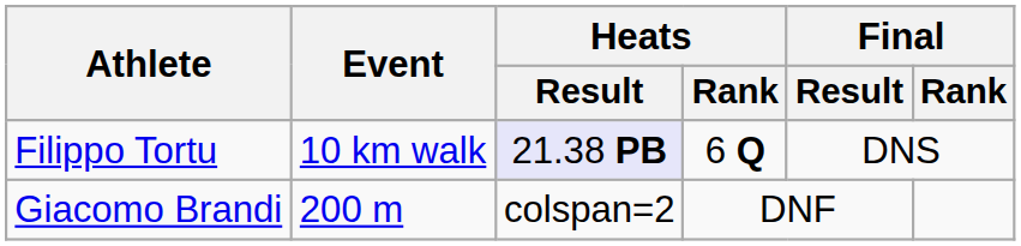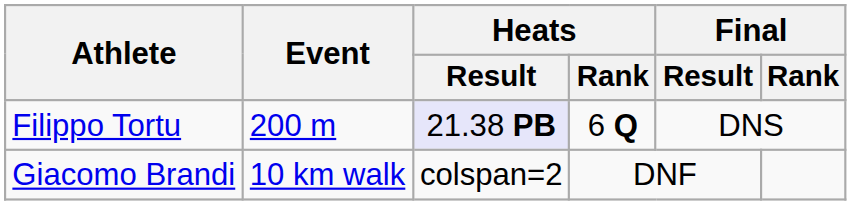 <table class="wikitable" style="font-size:90%">
 <tr>
 <th rowspan=2>Athlete</th>
 <th rowspan=2>Event</th>
 <th colspan=2>Heats</th>
 <th colspan=2>Final</th>
 </tr>
 <tr style="font-size:95%">
 <th>Result</th>
 <th>Rank</th>
 <th>Result</th>
 <th>Rank</th>
 </tr>
 <tr align=center>
 <td align=left><a href='#'>Filippo Tortu</a></td>
-<td align=left><a href='#'>10 km walk</a></td>
+<td align=left><a href='#'>200 m</a></td>
 <td style="background: lavender;">21.38 <strong>PB</strong></td>
 <td>6 <strong>Q</strong></td>
 <td colspan=2>DNS</td>
 </tr>
 <tr align=center>
 <td align=left><a href='#'>Giacomo Brandi</a></td>
-<td align=left><a href='#'>200 m</a></td>
+<td align=left><a href='#'>10 km walk</a></td>
 <td>colspan=2 </td>
 <td colspan=2>DNF</td>
 </tr>
 </table>
